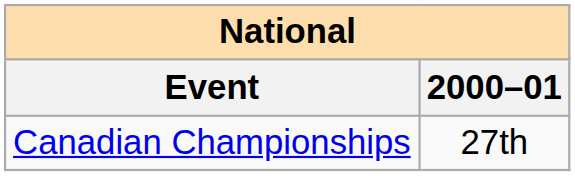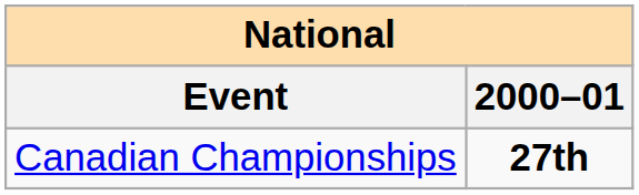 <table class="wikitable" style="text-align:center">
 <tr>
 <th style="background-color: #ffdead; " colspan=2 align=center>National</th>
 </tr>
 <tr>
 <th>Event</th>
 <th>2000–01</th>
 </tr>
 <tr>
 <td align=left><a href='#'>Canadian Championships</a></td>
-<td>27th</td>
+<td><strong>27th</strong></td>
 </tr>
 </table>
